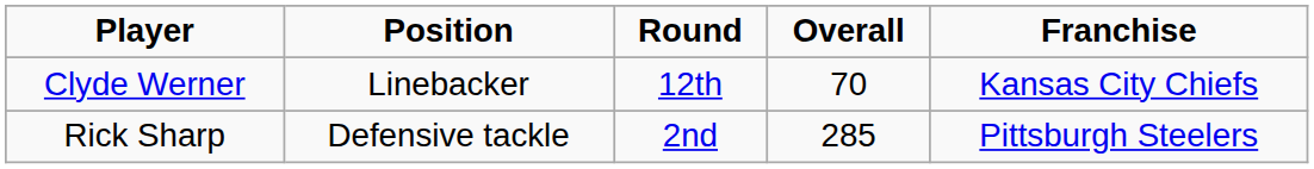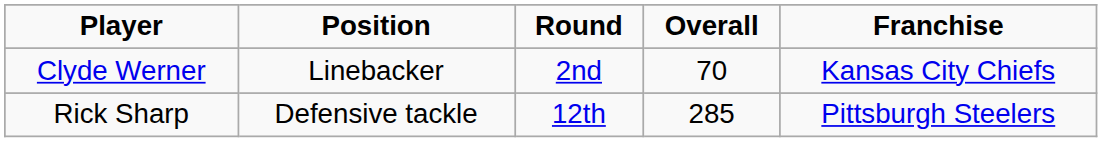 <table class="wikitable" width="50%">
 <tr align="center">
 <td><strong>Player</strong></td>
 <td><strong>Position</strong></td>
 <td><strong>Round</strong></td>
 <td><strong>Overall</strong></td>
 <td><strong>Franchise</strong></td>
 </tr>
 <tr align="center" bgcolor="">
 <td><a href='#'>Clyde Werner</a></td>
 <td>Linebacker</td>
-<td><a href='#'>12th</a></td>
+<td><a href='#'>2nd</a></td>
 <td>70</td>
 <td><a href='#'>Kansas City Chiefs</a></td>
 </tr>
 <tr align="center" bgcolor="">
 <td>Rick Sharp</td>
 <td>Defensive tackle</td>
-<td><a href='#'>2nd</a></td>
+<td><a href='#'>12th</a></td>
 <td>285</td>
 <td><a href='#'>Pittsburgh Steelers</a></td>
 </tr>
 </table>
